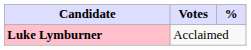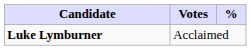 <table class="wikitable">
 <tr>
 <th style="background:#ddf; width:200px;">Candidate</th>
 <th style="background:#ddf; width:50px;">Votes</th>
 <th style="background:#ddf; width:30px;">%</th>
 </tr>
 <tr>
-<td style="background: pink;"><strong>Luke Lymburner</strong></td>
+<td><strong>Luke Lymburner</strong></td>
 <td colspan="2">Acclaimed</td>
 </tr>
 </table>
